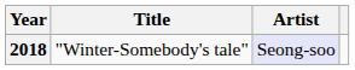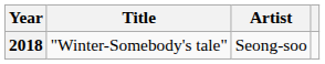 <table class="wikitable plainrowheaders">
 <tr>
 <th scope="col">Year</th>
 <th scope="col">Title</th>
 <th scope="col">Artist</th>
 <th scope="col" class="unsortable"></th>
 </tr>
 <tr>
 <th scope="row">2018</th>
 <td>"Winter-Somebody's tale"</td>
-<td style="background: lavender;">Seong-soo</td>
+<td>Seong-soo</td>
 </tr>
 </table>
